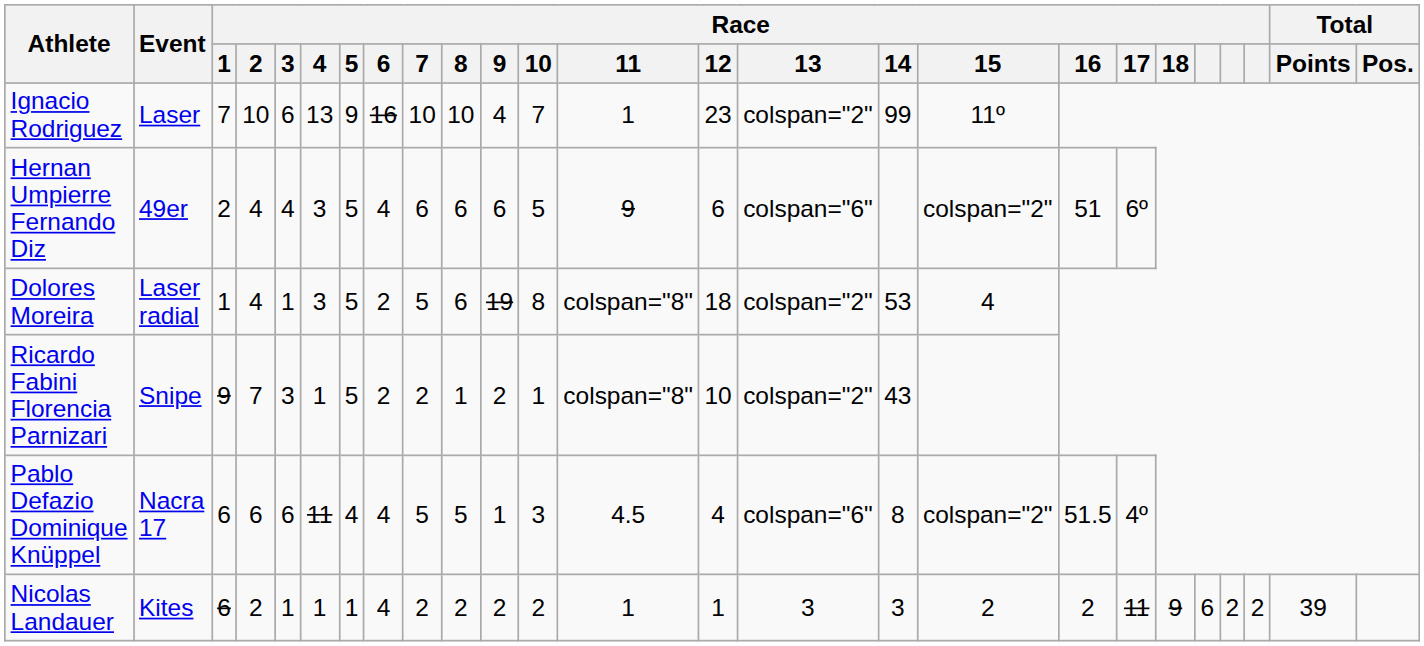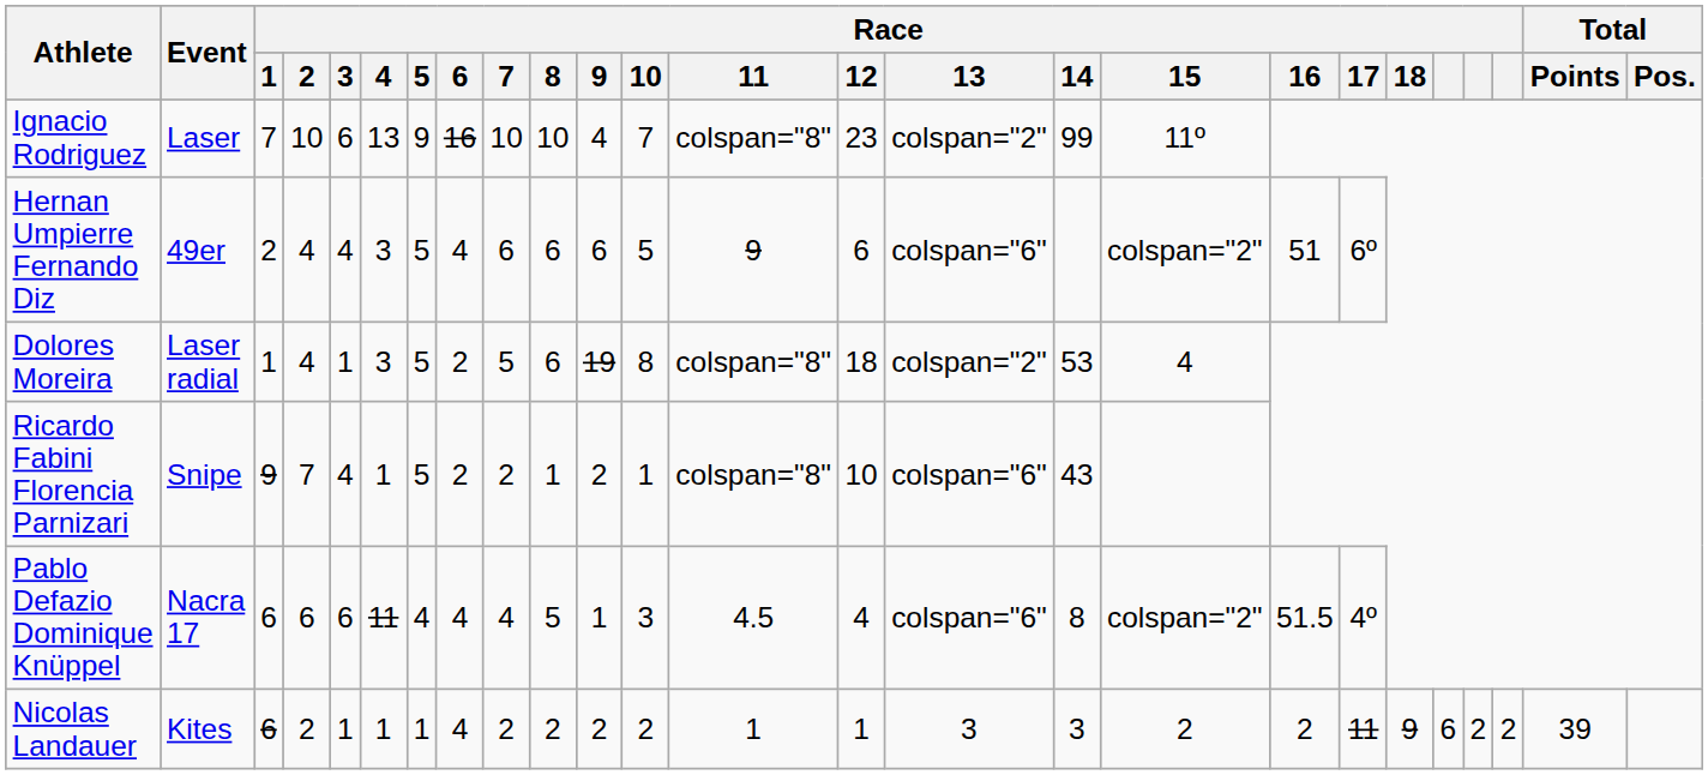 <table class=wikitable style="font-size:90%">
 <tr>
 <th rowspan="2">Athlete</th>
 <th rowspan="2">Event</th>
 <th colspan="21">Race</th>
 <th colspan="2">Total</th>
 </tr>
 <tr>
 <th width="20px">1</th>
 <th width="20px">2</th>
 <th width="20px">3</th>
 <th width="20px">4</th>
 <th width="20px">5</th>
 <th width="20px">6</th>
 <th width="20px">7</th>
 <th width="20px">8</th>
 <th width="20px">9</th>
 <th width="20px">10</th>
 <th width="20px">11</th>
 <th width="20px">12</th>
 <th width="20px">13</th>
 <th width="20px">14</th>
 <th width="20px">15</th>
 <th width="20px">16</th>
 <th width="20px">17</th>
 <th width="20px">18</th>
 <th width="20px"></th>
 <th width="20px"></th>
 <th width="20px"></th>
 <th width="20px">Points</th>
 <th width="20px">Pos.</th>
 </tr>
 <tr align="center">
 <td align="left"><a href='#'>Ignacio Rodriguez</a></td>
 <td align="left"><a href='#'>Laser</a></td>
 <td>7</td>
 <td>10</td>
 <td>6</td>
 <td>13</td>
 <td>9</td>
 <td><s>16</s></td>
 <td>10</td>
 <td>10</td>
 <td>4</td>
 <td>7</td>
-<td>1</td>
+<td>colspan="8" </td>
 <td>23<br></td>
 <td>colspan="2" </td>
 <td>99</td>
 <td>11º</td>
 </tr>
 <tr align="center">
 <td align="left"><a href='#'>Hernan Umpierre</a><br><a href='#'>Fernando Diz</a></td>
 <td align="left"><a href='#'>49er</a></td>
 <td>2</td>
 <td>4</td>
 <td>4</td>
 <td>3</td>
 <td>5</td>
 <td>4</td>
 <td>6</td>
 <td>6</td>
 <td>6</td>
 <td>5</td>
 <td><s>9<br></s></td>
 <td>6</td>
 <td>colspan="6" </td>
 <td></td>
 <td>colspan="2" </td>
 <td>51</td>
 <td>6º</td>
 </tr>
 <tr align="center">
 <td align="left"><a href='#'>Dolores Moreira</a></td>
 <td align="left"><a href='#'>Laser radial</a></td>
 <td>1</td>
 <td>4</td>
 <td>1</td>
 <td>3</td>
 <td>5</td>
 <td>2</td>
 <td>5</td>
 <td>6</td>
 <td><s>19<br></s></td>
 <td>8</td>
 <td>colspan="8" </td>
 <td>18</td>
 <td>colspan="2" </td>
 <td>53</td>
 <td>4</td>
 </tr>
 <tr align="center">
 <td align="left"><a href='#'>Ricardo Fabini</a><br><a href='#'>Florencia Parnizari</a></td>
 <td align="left"><a href='#'>Snipe</a></td>
 <td><s>9</s></td>
 <td>7</td>
-<td>3</td>
+<td>4</td>
 <td>1</td>
 <td>5</td>
 <td>2</td>
 <td>2</td>
 <td>1</td>
 <td>2</td>
 <td>1</td>
 <td>colspan="8" </td>
 <td>10</td>
-<td>colspan="2" </td>
+<td>colspan="6" </td>
 <td>43</td>
 <td></td>
 </tr>
 <tr align="center">
 <td align="left"><a href='#'>Pablo Defazio</a><br><a href='#'>Dominique Knüppel</a></td>
 <td align="left"><a href='#'>Nacra 17</a></td>
 <td>6</td>
 <td>6</td>
 <td>6</td>
 <td><s>11</s></td>
 <td>4</td>
 <td>4</td>
-<td>5</td>
+<td>4</td>
 <td>5</td>
 <td>1</td>
 <td>3</td>
 <td>4.5</td>
 <td>4</td>
 <td>colspan="6" </td>
 <td>8</td>
 <td>colspan="2" </td>
 <td>51.5</td>
 <td>4º</td>
 </tr>
 <tr align="center">
 <td align="left"><a href='#'>Nicolas Landauer</a></td>
 <td align="left"><a href='#'>Kites</a></td>
 <td><s>6</s></td>
 <td>2</td>
 <td>1</td>
 <td>1</td>
 <td>1</td>
 <td>4</td>
 <td>2</td>
 <td>2</td>
 <td>2</td>
 <td>2</td>
 <td>1</td>
 <td>1</td>
 <td>3</td>
 <td>3</td>
 <td>2</td>
 <td>2</td>
 <td><s>11</s></td>
 <td><s>9</s></td>
 <td>6<br></td>
 <td>2</td>
 <td>2</td>
 <td>39</td>
 <td></td>
 </tr>
 </table>
